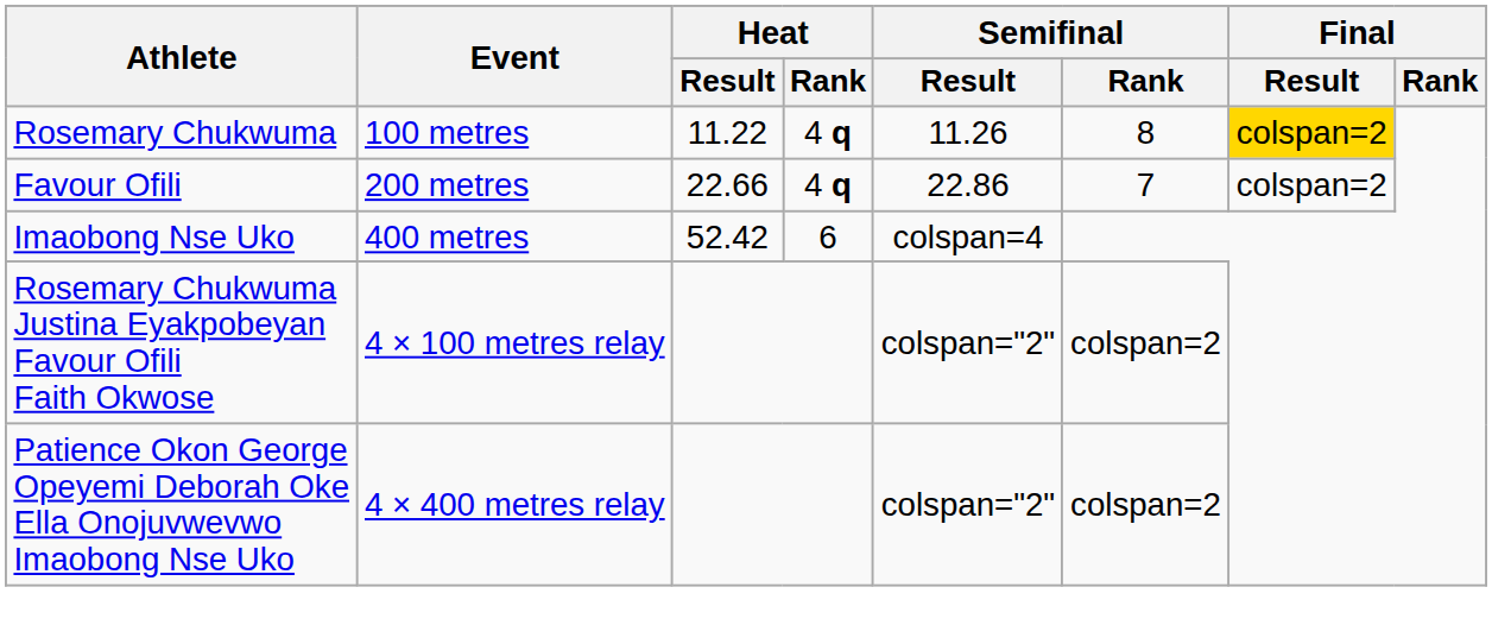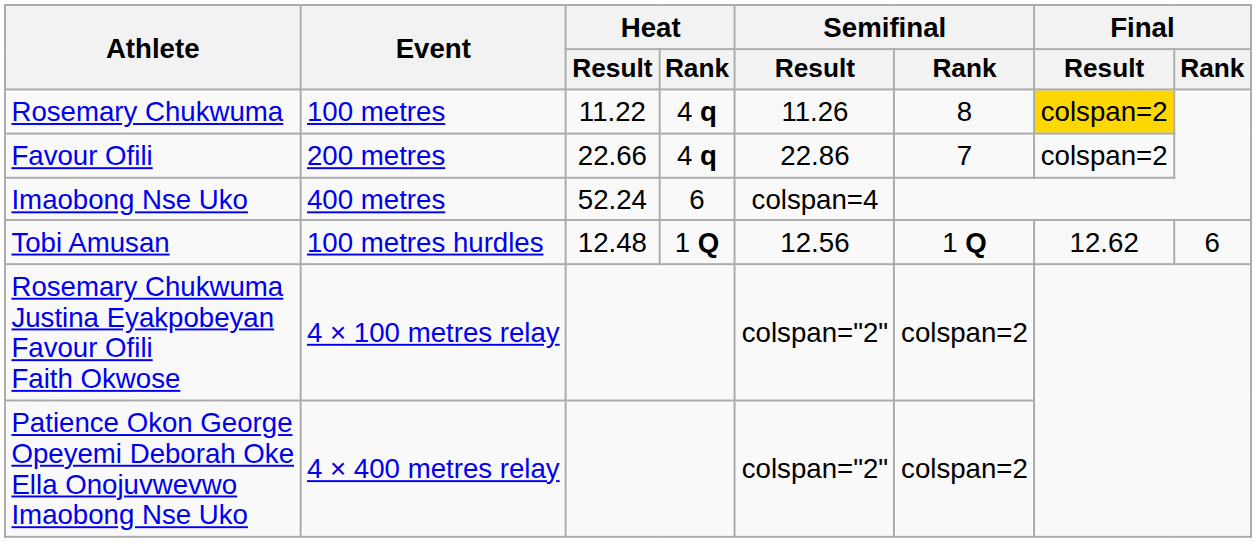 <table class="wikitable" style="font-size:90%">
 <tr>
 <th rowspan="2">Athlete</th>
 <th rowspan="2">Event</th>
 <th colspan="2">Heat</th>
 <th colspan="2">Semifinal</th>
 <th colspan="2">Final</th>
 </tr>
 <tr style="font-size:95%">
 <th>Result</th>
 <th>Rank</th>
 <th>Result</th>
 <th>Rank</th>
 <th>Result</th>
 <th>Rank</th>
 </tr>
 <tr align="center">
 <td align=left><a href='#'>Rosemary Chukwuma</a></td>
 <td align=left><a href='#'>100 metres</a></td>
 <td>11.22</td>
 <td>4 <strong>q</strong></td>
 <td>11.26</td>
 <td>8</td>
 <td style="background: gold;">colspan=2 </td>
 </tr>
 <tr align="center">
 <td align=left><a href='#'>Favour Ofili</a></td>
 <td align=left><a href='#'>200 metres</a></td>
 <td>22.66</td>
 <td>4 <strong>q</strong></td>
 <td>22.86</td>
 <td>7</td>
 <td>colspan=2 </td>
 </tr>
 <tr align="center">
 <td align=left><a href='#'>Imaobong Nse Uko</a></td>
 <td align=left><a href='#'>400 metres</a></td>
-<td>52.42</td>
+<td>52.24</td>
 <td>6</td>
 <td>colspan=4 </td>
+</tr>
+<tr align="center">
+<td align=left><a href='#'>Tobi Amusan</a></td>
+<td align=left><a href='#'>100 metres hurdles</a></td>
+<td>12.48</td>
+<td>1 <strong>Q</strong></td>
+<td>12.56</td>
+<td>1 <strong>Q</strong></td>
+<td>12.62</td>
+<td>6</td>
 </tr>
 <tr align="center">
 <td align=left><a href='#'>Rosemary Chukwuma</a><br><a href='#'>Justina Eyakpobeyan</a><br><a href='#'>Favour Ofili</a><br><a href='#'>Faith Okwose</a></td>
 <td align=left><a href='#'>4 × 100 metres relay</a></td>
 <td colspan=2></td>
 <td>colspan="2" </td>
 <td>colspan=2 </td>
 </tr>
 <tr align="center">
 <td align=left><a href='#'>Patience Okon George</a><br><a href='#'>Opeyemi Deborah Oke</a><br><a href='#'>Ella Onojuvwevwo</a><br><a href='#'>Imaobong Nse Uko</a></td>
 <td align=left><a href='#'>4 × 400 metres relay</a></td>
 <td colspan=2></td>
 <td>colspan="2" </td>
 <td>colspan=2 </td>
 </tr>
 </table>
